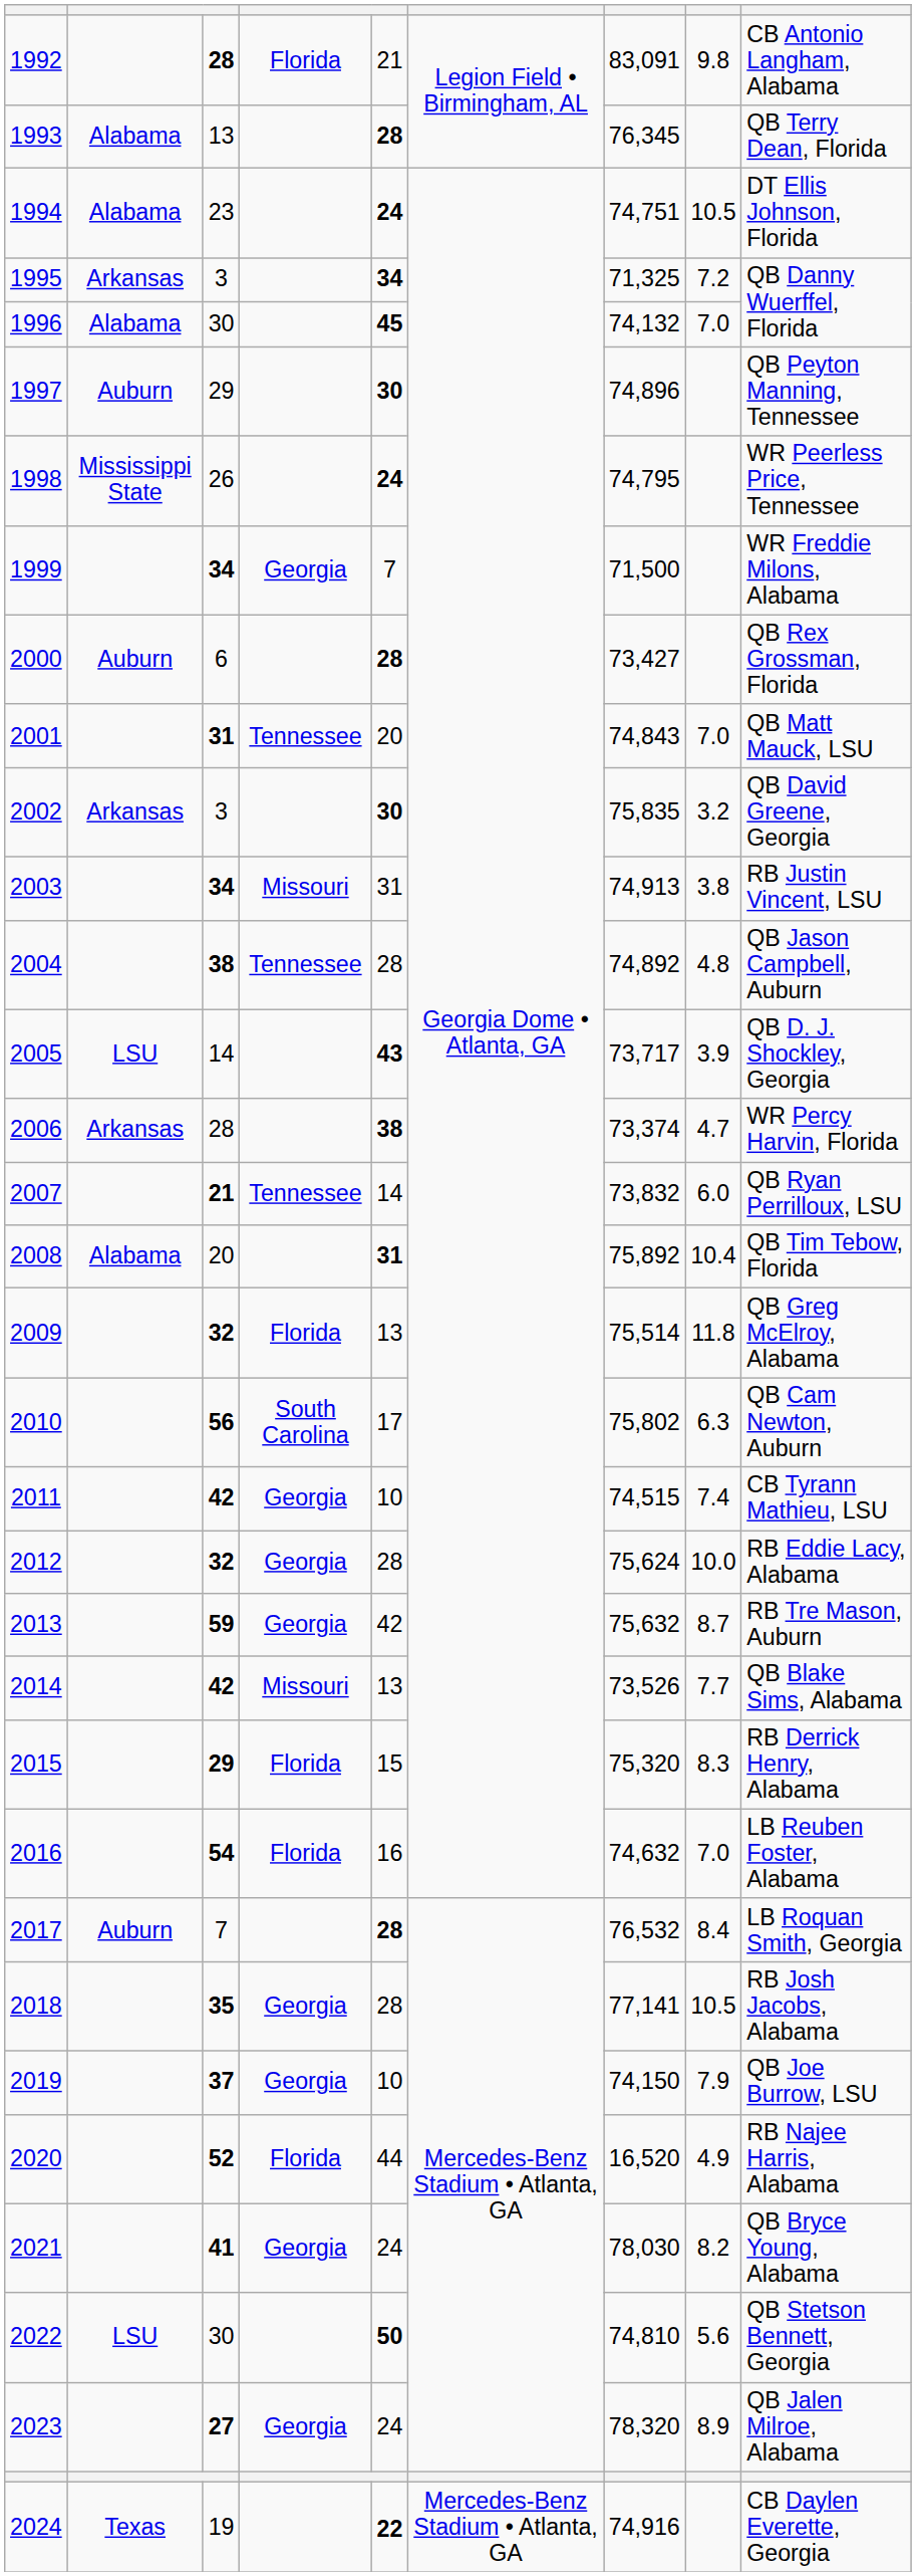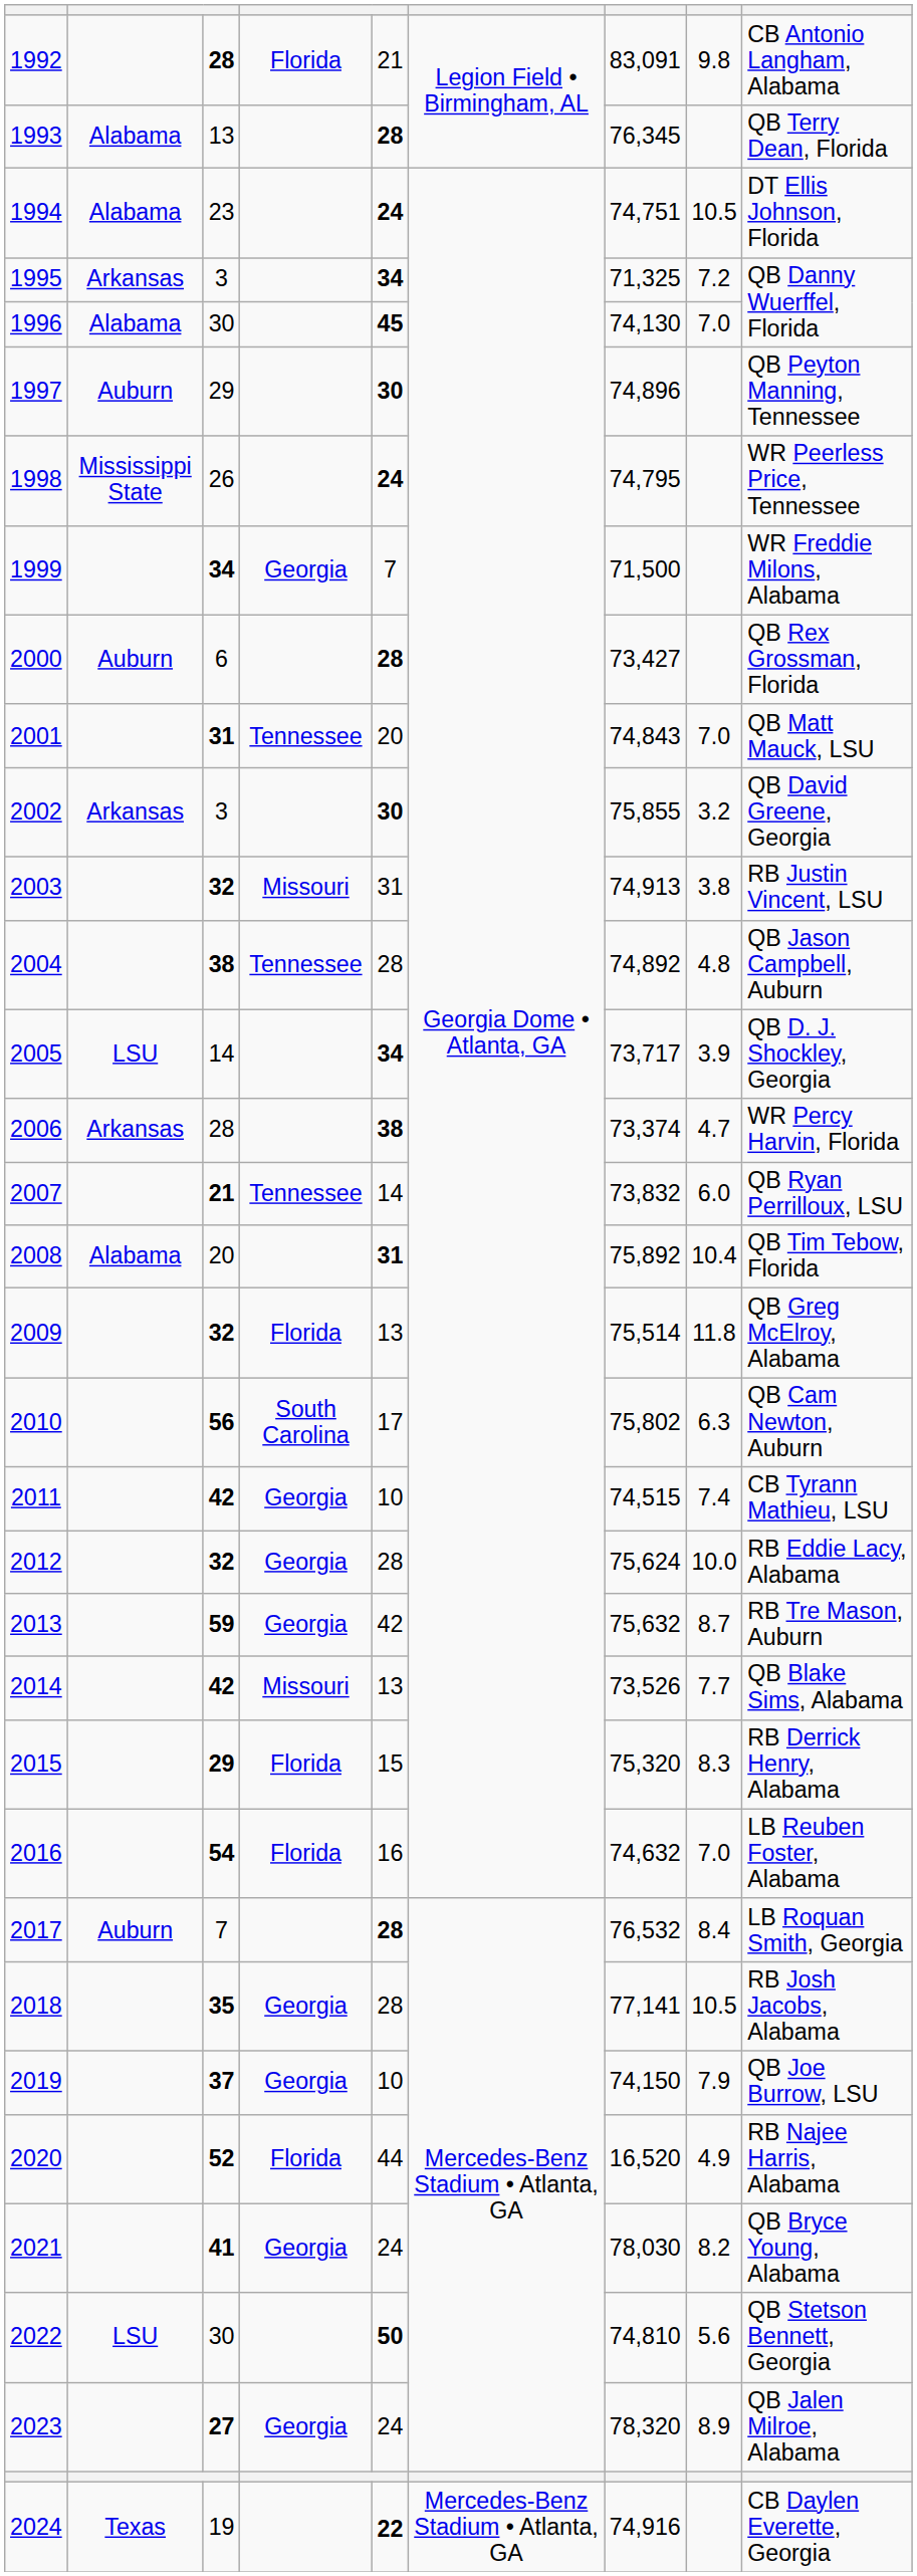 <table class="wikitable" style="text-align:center;" width=100%>
 <tr>
 <th></th>
 <th colspan="2"></th>
 <th colspan="2"></th>
 <th></th>
 <th></th>
 <th></th>
 <th></th>
 </tr>
 <tr>
 <td><a href='#'>1992</a></td>
 <td style=> <strong><a href='#'></a></strong></td>
 <td><strong>28</strong></td>
 <td> <a href='#'>Florida</a></td>
 <td>21</td>
 <td rowspan=2><a href='#'>Legion Field</a> • <a href='#'>Birmingham, AL</a></td>
 <td>83,091</td>
 <td>9.8</td>
 <td align=left>CB <a href='#'>Antonio Langham</a>, Alabama</td>
 </tr>
 <tr>
 <td><a href='#'>1993</a></td>
 <td> <a href='#'>Alabama</a></td>
 <td>13</td>
 <td style=> <strong><a href='#'></a></strong></td>
 <td><strong>28</strong></td>
 <td>76,345</td>
 <td></td>
 <td align=left>QB <a href='#'>Terry Dean</a>, Florida</td>
 </tr>
 <tr>
 <td><a href='#'>1994</a></td>
 <td> <a href='#'>Alabama</a></td>
 <td>23</td>
 <td style=> <strong><a href='#'></a></strong></td>
 <td><strong>24</strong></td>
 <td rowspan=23><a href='#'>Georgia Dome</a> • <a href='#'>Atlanta, GA</a></td>
 <td>74,751</td>
 <td>10.5</td>
 <td align=left>DT <a href='#'>Ellis Johnson</a>, Florida</td>
 </tr>
 <tr>
 <td><a href='#'>1995</a></td>
 <td> <a href='#'>Arkansas</a></td>
 <td>3</td>
 <td style=> <strong><a href='#'></a></strong></td>
 <td><strong>34</strong></td>
 <td>71,325</td>
 <td>7.2</td>
 <td rowspan="2" align="left">QB <a href='#'>Danny Wuerffel</a>, Florida</td>
 </tr>
 <tr>
 <td><a href='#'>1996</a></td>
 <td> <a href='#'>Alabama</a></td>
 <td>30</td>
 <td style=> <strong><a href='#'></a></strong></td>
 <td><strong>45</strong></td>
-<td>74,132</td>
+<td>74,130</td>
 <td>7.0</td>
 </tr>
 <tr>
 <td><a href='#'>1997</a></td>
 <td> <a href='#'>Auburn</a></td>
 <td>29</td>
 <td style=> <strong><a href='#'></a></strong></td>
 <td><strong>30</strong></td>
 <td>74,896</td>
 <td></td>
 <td align=left>QB <a href='#'>Peyton Manning</a>, Tennessee</td>
 </tr>
 <tr>
 <td><a href='#'>1998</a></td>
 <td> <a href='#'>Mississippi State</a></td>
 <td>26</td>
 <td style=> <strong><a href='#'></a></strong></td>
 <td><strong>24</strong></td>
 <td>74,795</td>
 <td></td>
 <td align=left>WR <a href='#'>Peerless Price</a>, Tennessee</td>
 </tr>
 <tr>
 <td><a href='#'>1999</a></td>
 <td style=> <strong><a href='#'></a></strong></td>
 <td><strong>34</strong></td>
 <td> <a href='#'>Georgia</a></td>
 <td>7</td>
 <td>71,500</td>
 <td></td>
 <td align=left>WR <a href='#'>Freddie Milons</a>, Alabama</td>
 </tr>
 <tr>
 <td><a href='#'>2000</a></td>
 <td> <a href='#'>Auburn</a></td>
 <td>6</td>
 <td style=> <strong><a href='#'></a></strong></td>
 <td><strong>28</strong></td>
 <td>73,427</td>
 <td></td>
 <td align=left>QB <a href='#'>Rex Grossman</a>, Florida</td>
 </tr>
 <tr>
 <td><a href='#'>2001</a></td>
 <td style=> <strong><a href='#'></a></strong></td>
 <td><strong>31</strong></td>
 <td> <a href='#'>Tennessee</a></td>
 <td>20</td>
 <td>74,843</td>
 <td>7.0</td>
 <td align=left>QB <a href='#'>Matt Mauck</a>, LSU</td>
 </tr>
 <tr>
 <td><a href='#'>2002</a></td>
 <td> <a href='#'>Arkansas</a></td>
 <td>3</td>
 <td style=> <strong><a href='#'></a></strong></td>
 <td><strong>30</strong></td>
-<td>75,835</td>
+<td>75,855</td>
 <td>3.2</td>
 <td align=left>QB <a href='#'>David Greene</a>, Georgia</td>
 </tr>
 <tr>
 <td><a href='#'>2003</a></td>
 <td style=> <strong><a href='#'></a></strong></td>
-<td><strong>34</strong></td>
+<td><strong>32</strong></td>
 <td> <a href='#'>Missouri</a></td>
 <td>31</td>
 <td>74,913</td>
 <td>3.8</td>
 <td align=left>RB <a href='#'>Justin Vincent</a>, LSU</td>
 </tr>
 <tr>
 <td><a href='#'>2004</a></td>
 <td style=> <strong><a href='#'></a></strong></td>
 <td><strong>38</strong></td>
 <td> <a href='#'>Tennessee</a></td>
 <td>28</td>
 <td>74,892</td>
 <td>4.8</td>
 <td align=left>QB <a href='#'>Jason Campbell</a>, Auburn</td>
 </tr>
 <tr>
 <td><a href='#'>2005</a></td>
 <td> <a href='#'>LSU</a></td>
 <td>14</td>
 <td style=> <strong><a href='#'></a></strong></td>
-<td><strong>43</strong></td>
+<td><strong>34</strong></td>
 <td>73,717</td>
 <td>3.9</td>
 <td align=left>QB <a href='#'>D. J. Shockley</a>, Georgia</td>
 </tr>
 <tr>
 <td><a href='#'>2006</a></td>
 <td> <a href='#'>Arkansas</a></td>
 <td>28</td>
 <td style=> <strong><a href='#'></a></strong></td>
 <td><strong>38</strong></td>
 <td>73,374</td>
 <td>4.7</td>
 <td align=left>WR <a href='#'>Percy Harvin</a>, Florida</td>
 </tr>
 <tr>
 <td><a href='#'>2007</a></td>
 <td style=> <strong><a href='#'></a></strong></td>
 <td><strong>21</strong></td>
 <td> <a href='#'>Tennessee</a></td>
 <td>14</td>
 <td>73,832</td>
 <td>6.0</td>
 <td align=left>QB <a href='#'>Ryan Perrilloux</a>, LSU</td>
 </tr>
 <tr>
 <td><a href='#'>2008</a></td>
 <td> <a href='#'>Alabama</a></td>
 <td>20</td>
 <td style=> <strong><a href='#'></a></strong></td>
 <td><strong>31</strong></td>
 <td>75,892</td>
 <td>10.4</td>
 <td align=left>QB <a href='#'>Tim Tebow</a>, Florida</td>
 </tr>
 <tr>
 <td><a href='#'>2009</a></td>
 <td style=> <strong><a href='#'></a></strong></td>
 <td><strong>32</strong></td>
 <td> <a href='#'>Florida</a></td>
 <td>13</td>
 <td>75,514</td>
 <td>11.8</td>
 <td align=left>QB <a href='#'>Greg McElroy</a>, Alabama</td>
 </tr>
 <tr>
 <td><a href='#'>2010</a></td>
 <td style=> <strong><a href='#'></a></strong></td>
 <td><strong>56</strong></td>
 <td> <a href='#'>South Carolina</a></td>
 <td>17</td>
 <td>75,802</td>
 <td>6.3</td>
 <td align=left>QB <a href='#'>Cam Newton</a>, Auburn</td>
 </tr>
 <tr>
 <td><a href='#'>2011</a></td>
 <td style=> <strong><a href='#'></a></strong></td>
 <td><strong>42</strong></td>
 <td> <a href='#'>Georgia</a></td>
 <td>10</td>
 <td>74,515</td>
 <td>7.4</td>
 <td align=left>CB <a href='#'>Tyrann Mathieu</a>, LSU</td>
 </tr>
 <tr>
 <td><a href='#'>2012</a></td>
 <td style=> <strong><a href='#'></a></strong></td>
 <td><strong>32</strong></td>
 <td> <a href='#'>Georgia</a></td>
 <td>28</td>
 <td>75,624</td>
 <td>10.0</td>
 <td align=left>RB <a href='#'>Eddie Lacy</a>, Alabama</td>
 </tr>
 <tr>
 <td><a href='#'>2013</a></td>
 <td style=> <strong><a href='#'></a></strong></td>
 <td><strong>59</strong></td>
 <td> <a href='#'>Georgia</a></td>
 <td>42</td>
 <td>75,632</td>
 <td>8.7</td>
 <td align=left>RB <a href='#'>Tre Mason</a>, Auburn</td>
 </tr>
 <tr>
 <td><a href='#'>2014</a></td>
 <td style=> <strong><a href='#'></a></strong></td>
 <td><strong>42</strong></td>
 <td> <a href='#'>Missouri</a></td>
 <td>13</td>
 <td>73,526</td>
 <td>7.7</td>
 <td align=left>QB <a href='#'>Blake Sims</a>, Alabama</td>
 </tr>
 <tr>
 <td><a href='#'>2015</a></td>
 <td style=> <strong><a href='#'></a></strong></td>
 <td><strong>29</strong></td>
 <td> <a href='#'>Florida</a></td>
 <td>15</td>
 <td>75,320</td>
 <td>8.3</td>
 <td align=left>RB <a href='#'>Derrick Henry</a>, Alabama</td>
 </tr>
 <tr>
 <td><a href='#'>2016</a></td>
 <td style=> <strong><a href='#'></a></strong></td>
 <td><strong>54</strong></td>
 <td> <a href='#'>Florida</a></td>
 <td>16</td>
 <td>74,632</td>
 <td>7.0</td>
 <td align=left>LB <a href='#'>Reuben Foster</a>, Alabama</td>
 </tr>
 <tr>
 <td><a href='#'>2017</a></td>
 <td> <a href='#'>Auburn</a></td>
 <td>7</td>
 <td style=> <strong><a href='#'></a></strong></td>
 <td><strong>28</strong></td>
 <td rowspan=7><a href='#'>Mercedes-Benz Stadium</a> • Atlanta, GA</td>
 <td>76,532</td>
 <td>8.4</td>
 <td align=left>LB <a href='#'>Roquan Smith</a>, Georgia</td>
 </tr>
 <tr>
 <td><a href='#'>2018</a></td>
 <td style=> <strong><a href='#'></a></strong></td>
 <td><strong>35</strong></td>
 <td> <a href='#'>Georgia</a></td>
 <td>28</td>
 <td>77,141</td>
 <td>10.5</td>
 <td align="left">RB <a href='#'>Josh Jacobs</a>, Alabama</td>
 </tr>
 <tr>
 <td><a href='#'>2019</a></td>
 <td style=> <strong><a href='#'></a></strong></td>
 <td><strong>37</strong></td>
 <td> <a href='#'>Georgia</a></td>
 <td>10</td>
 <td>74,150</td>
 <td>7.9</td>
 <td align=left>QB <a href='#'>Joe Burrow</a>, LSU</td>
 </tr>
 <tr>
 <td><a href='#'>2020</a></td>
 <td style=> <strong><a href='#'></a></strong></td>
 <td><strong>52</strong></td>
 <td> <a href='#'>Florida</a></td>
 <td>44</td>
 <td>16,520</td>
 <td>4.9</td>
 <td align=left>RB <a href='#'>Najee Harris</a>, Alabama</td>
 </tr>
 <tr>
 <td><a href='#'>2021</a></td>
 <td style=> <strong><a href='#'></a></strong></td>
 <td><strong>41</strong></td>
 <td> <a href='#'>Georgia</a></td>
 <td>24</td>
 <td>78,030</td>
 <td>8.2</td>
 <td align=left>QB <a href='#'>Bryce Young</a>, Alabama</td>
 </tr>
 <tr>
 <td><a href='#'>2022</a></td>
 <td> <a href='#'>LSU</a></td>
 <td>30</td>
 <td style=> <strong><a href='#'></a></strong></td>
 <td><strong>50</strong></td>
 <td>74,810</td>
 <td>5.6</td>
 <td align=left>QB <a href='#'>Stetson Bennett</a>, Georgia</td>
 </tr>
 <tr>
 <td><a href='#'>2023</a></td>
 <td style=> <strong><a href='#'></a></strong></td>
 <td><strong>27</strong></td>
 <td> <a href='#'>Georgia</a></td>
 <td>24</td>
 <td>78,320</td>
 <td>8.9</td>
 <td align=left>QB <a href='#'>Jalen Milroe</a>, Alabama</td>
 </tr>
 <tr>
 <th></th>
 <th colspan="2"></th>
 <th colspan="2"></th>
 <th colspan="1"></th>
 <th colspan="1"></th>
 <th colspan="1"></th>
 <th colspan="1"></th>
 </tr>
 <tr>
 <td><a href='#'>2024</a></td>
 <td> <a href='#'>Texas</a></td>
 <td>19</td>
 <td style=> <strong><a href='#'></a></strong></td>
 <td><strong>22</strong><sup></sup></td>
 <td><a href='#'>Mercedes-Benz Stadium</a> • Atlanta, GA</td>
 <td>74,916</td>
 <td></td>
 <td align=left>CB <a href='#'>Daylen Everette</a>, Georgia</td>
 </tr>
 </table>
